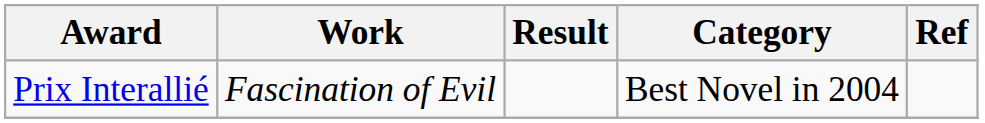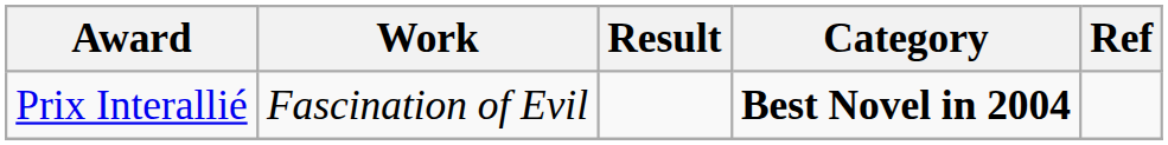 <table class="wikitable sortable">
 <tr>
 <th scope=col>Award</th>
 <th scope=col>Work</th>
 <th scope=col>Result</th>
 <th scope=col>Category</th>
 <th scope=col>Ref</th>
 </tr>
 <tr>
 <td><a href='#'>Prix Interallié</a></td>
 <td><em>Fascination of Evil</em></td>
 <td></td>
-<td>Best Novel in 2004</td>
+<td><strong>Best Novel in 2004</strong></td>
 <td></td>
 </tr>
 <tr>
 </tr>
 </table>
